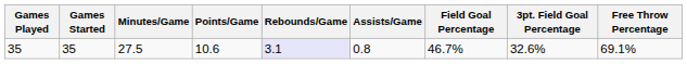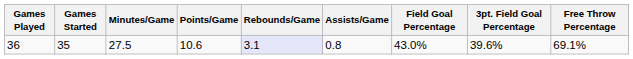 <table class="wikitable">
 <tr>
 <th><small>Games Played</small></th>
 <th><small>Games Started</small></th>
 <th><small>Minutes/Game</small></th>
 <th><small>Points/Game</small></th>
 <th><small>Rebounds/Game</small></th>
 <th><small>Assists/Game</small></th>
 <th><small>Field Goal Percentage</small></th>
 <th><small>3pt. Field Goal Percentage</small></th>
 <th><small>Free Throw Percentage</small></th>
 </tr>
 <tr>
-<td>35</td>
+<td>36</td>
 <td>35</td>
 <td>27.5</td>
 <td>10.6</td>
 <td style="background: lavender;">3.1</td>
 <td>0.8</td>
-<td>46.7%</td>
-<td>32.6%</td>
+<td>43.0%</td>
+<td>39.6%</td>
 <td>69.1%</td>
 </tr>
 </table>
